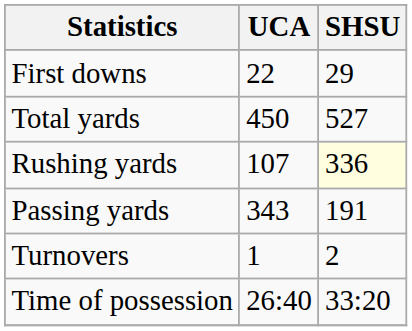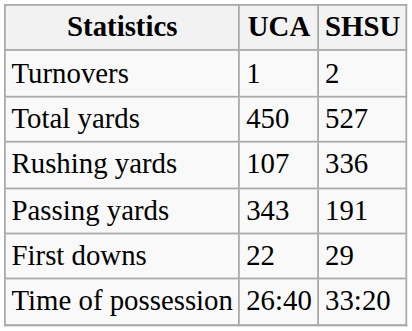 <table class="wikitable">
 <tr>
 <th>Statistics</th>
 <th>UCA</th>
 <th>SHSU</th>
 </tr>
 <tr>
-<td>First downs</td>
-<td>22</td>
-<td>29</td>
+<td>Turnovers</td>
+<td>1</td>
+<td>2</td>
 </tr>
 <tr>
 <td>Total yards</td>
 <td>450</td>
 <td>527</td>
 </tr>
 <tr>
 <td>Rushing yards</td>
 <td>107</td>
-<td style="background: lightyellow;">336</td>
+<td>336</td>
 </tr>
 <tr>
 <td>Passing yards</td>
 <td>343</td>
 <td>191</td>
 </tr>
 <tr>
-<td>Turnovers</td>
-<td>1</td>
-<td>2</td>
+<td>First downs</td>
+<td>22</td>
+<td>29</td>
 </tr>
 <tr>
 <td>Time of possession</td>
 <td>26:40</td>
 <td>33:20</td>
 </tr>
 <tr>
 </tr>
 </table>
